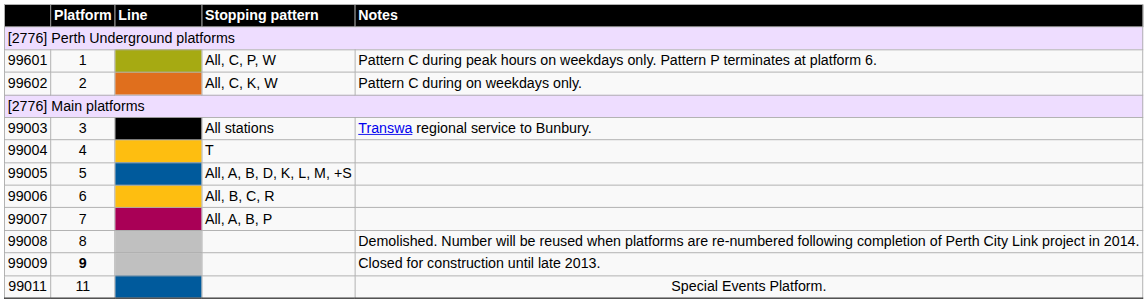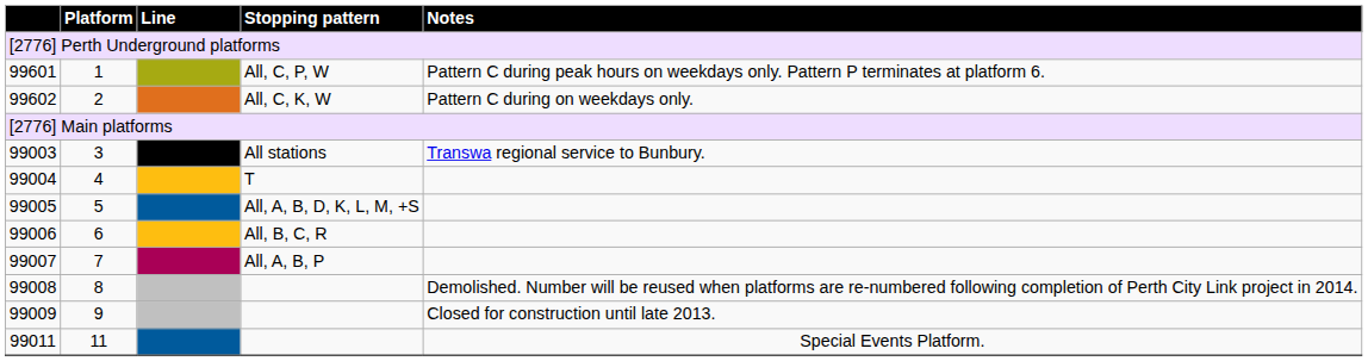 <table class="wikitable" style="float: none; margin-center: 1em; margin-bottom: 0.5em; border: black solid 1px; text-align:center;">
 <tr style="color:#FFFFFF;">
 <th style="background:#000000; text-align:left;"></th>
 <th style="background:#000000; text-align:left;">Platform</th>
 <th style="background:#000000; text-align:left; width:90px;">Line</th>
 <th style="background:#000000; text-align:left;">Stopping pattern</th>
 <th style="background:#000000; text-align:left;">Notes</th>
 </tr>
 <tr>
 <td colspan="5" style="background:#EDF; text-align:left;">[2776] Perth Underground platforms</td>
 </tr>
 <tr>
 <td>99601</td>
 <td>1</td>
 <td style="color:white; background:#A6AA12;"><strong><a href='#'></a></strong></td>
 <td style="text-align:left;">All, C, P, W</td>
 <td style="text-align:left;">Pattern C during peak hours on weekdays only. Pattern P terminates at platform 6.</td>
 </tr>
 <tr>
 <td>99602</td>
 <td>2</td>
 <td style="color:white; background:#E06F1D;"><strong><a href='#'></a></strong></td>
 <td style="text-align:left;">All, C, K, W</td>
 <td style="text-align:left;">Pattern C during on weekdays only.</td>
 </tr>
 <tr>
 <td colspan="5" style="background:#EDF; text-align:left;">[2776] Main platforms</td>
 </tr>
 <tr>
 <td>99003</td>
 <td>3</td>
 <td style="color:#E0730E; background:#000000;"><strong><a href='#'></a></strong></td>
 <td style="text-align:left;">All stations</td>
 <td style="text-align:left;"><a href='#'>Transwa</a> regional service to Bunbury.</td>
 </tr>
 <tr>
 <td>99004</td>
 <td>4</td>
 <td style="color:black; background:#FEBE10;"><strong><a href='#'></a></strong></td>
 <td style="text-align:left;">T</td>
 <td></td>
 </tr>
 <tr>
 <td>99005</td>
 <td>5</td>
 <td style="color:white; background:#005A9C;"><strong><a href='#'></a></strong></td>
 <td style="text-align:left;">All, A, B, D, K, L, M, +S</td>
 <td></td>
 </tr>
 <tr>
 <td>99006</td>
 <td>6</td>
 <td style="color:black; background:#FEBE10;"><strong><a href='#'></a></strong></td>
 <td style="text-align:left;">All, B, C, R</td>
 <td></td>
 </tr>
 <tr>
 <td>99007</td>
 <td>7</td>
 <td style="color:white; background:#A90056;"><strong><a href='#'></a></strong></td>
 <td style="text-align:left;">All, A, B, P</td>
 <td></td>
 </tr>
 <tr>
 <td>99008</td>
 <td>8</td>
 <td style="background:silver;"></td>
 <td></td>
 <td style="text-align:left;">Demolished. Number will be reused when platforms are re-numbered following completion of Perth City Link project in 2014.</td>
 </tr>
 <tr>
 <td>99009</td>
-<td><strong>9</strong></td>
+<td>9</td>
 <td style="background:silver;"></td>
 <td></td>
 <td style="text-align:left;">Closed for construction until late 2013.</td>
 </tr>
 <tr>
 <td>99011</td>
 <td>11</td>
 <td style="color:white; background:#005A9C;"><strong><a href='#'></a></strong></td>
 <td></td>
 <td>Special Events Platform.</td>
 </tr>
 <tr>
 </tr>
 </table>
